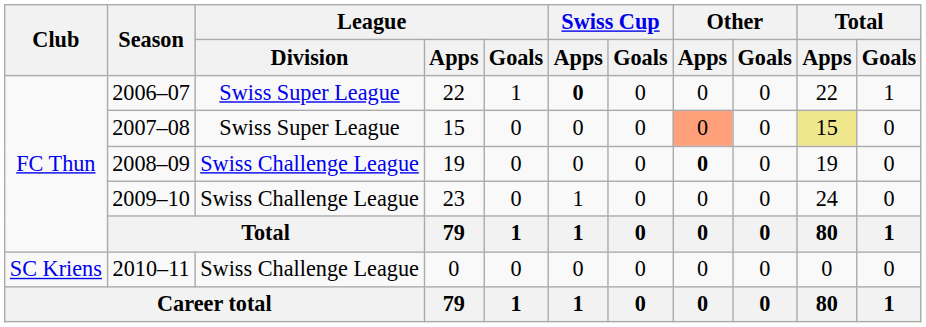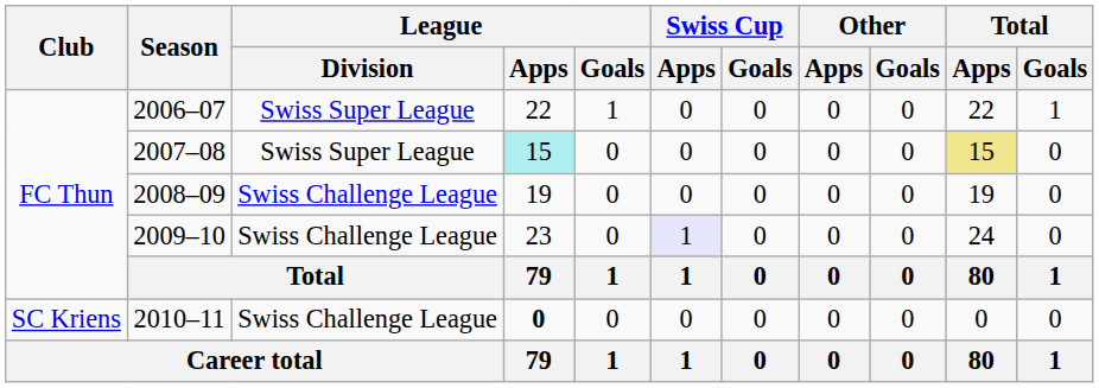 <table class="wikitable" style="text-align:center">
 <tr>
 <th rowspan="2">Club</th>
 <th rowspan="2">Season</th>
 <th colspan="3">League</th>
 <th colspan="2"><a href='#'>Swiss Cup</a></th>
 <th colspan="2">Other</th>
 <th colspan="2">Total</th>
 </tr>
 <tr>
 <th>Division</th>
 <th>Apps</th>
 <th>Goals</th>
 <th>Apps</th>
 <th>Goals</th>
 <th>Apps</th>
 <th>Goals</th>
 <th>Apps</th>
 <th>Goals</th>
 </tr>
 <tr>
 <td rowspan="5"><a href='#'>FC Thun</a></td>
 <td>2006–07</td>
 <td><a href='#'>Swiss Super League</a></td>
 <td>22</td>
 <td>1</td>
-<td><strong>0</strong></td>
+<td>0</td>
 <td>0</td>
 <td>0</td>
 <td>0</td>
 <td>22</td>
 <td>1</td>
 </tr>
 <tr>
 <td>2007–08</td>
 <td>Swiss Super League</td>
-<td>15</td>
+<td style="background: paleturquoise;">15</td>
 <td>0</td>
 <td>0</td>
 <td>0</td>
-<td style="background: lightsalmon;">0</td>
+<td>0</td>
 <td>0</td>
 <td style="background: khaki;">15</td>
 <td>0</td>
 </tr>
 <tr>
 <td>2008–09</td>
 <td><a href='#'>Swiss Challenge League</a></td>
 <td>19</td>
 <td>0</td>
 <td>0</td>
 <td>0</td>
-<td><strong>0</strong></td>
+<td>0</td>
 <td>0</td>
 <td>19</td>
 <td>0</td>
 </tr>
 <tr>
 <td>2009–10</td>
 <td>Swiss Challenge League</td>
 <td>23</td>
 <td>0</td>
-<td>1</td>
+<td style="background: lavender;">1</td>
 <td>0</td>
 <td>0</td>
 <td>0</td>
 <td>24</td>
 <td>0</td>
 </tr>
 <tr>
 <th colspan="2">Total</th>
 <th>79</th>
 <th>1</th>
 <th>1</th>
 <th>0</th>
 <th>0</th>
 <th>0</th>
 <th>80</th>
 <th>1</th>
 </tr>
 <tr>
 <td><a href='#'>SC Kriens</a></td>
 <td>2010–11</td>
 <td>Swiss Challenge League</td>
-<td>0</td>
+<td><strong>0</strong></td>
 <td>0</td>
 <td>0</td>
 <td>0</td>
 <td>0</td>
 <td>0</td>
 <td>0</td>
 <td>0</td>
 </tr>
 <tr>
 <th colspan="3">Career total</th>
 <th>79</th>
 <th>1</th>
 <th>1</th>
 <th>0</th>
 <th>0</th>
 <th>0</th>
 <th>80</th>
 <th>1</th>
 </tr>
 </table>
